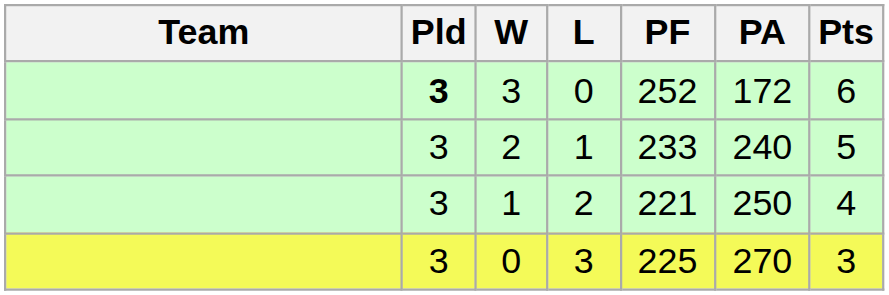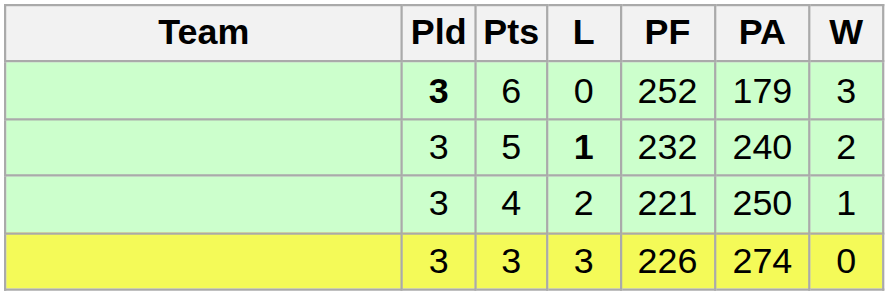 <table class="wikitable" style="text-align:center;">
 <tr>
 <th width=170>Team</th>
 <th width=25>Pld</th>
-<th width=25>W</th>
+<th width=25>Pts</th>
 <th width=25>L</th>
 <th width=35>PF</th>
 <th width=35>PA</th>
-<th width=25>Pts</th>
+<th width=25>W</th>
 </tr>
 <tr bgcolor=#ccffcc>
 <td align="left"></td>
 <td><strong>3</strong></td>
-<td>3</td>
+<td>6</td>
 <td>0</td>
 <td>252</td>
-<td>172</td>
-<td>6</td>
+<td>179</td>
+<td>3</td>
 </tr>
 <tr bgcolor=#ccffcc>
 <td align="left"></td>
 <td>3</td>
+<td>5</td>
+<td><strong>1</strong></td>
+<td>232</td>
+<td>240</td>
 <td>2</td>
-<td>1</td>
-<td>233</td>
-<td>240</td>
-<td>5</td>
 </tr>
 <tr bgcolor=#ccffcc>
 <td align="left"></td>
 <td>3</td>
-<td>1</td>
+<td>4</td>
 <td>2</td>
 <td>221</td>
 <td>250</td>
-<td>4</td>
+<td>1</td>
 </tr>
 <tr bgcolor=#F4FA58>
 <td align="left"></td>
 <td>3</td>
+<td>3</td>
+<td>3</td>
+<td>226</td>
+<td>274</td>
 <td>0</td>
-<td>3</td>
-<td>225</td>
-<td>270</td>
-<td>3</td>
 </tr>
 </table>
